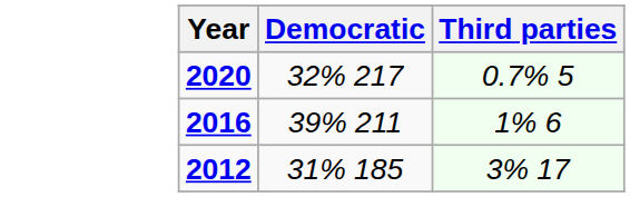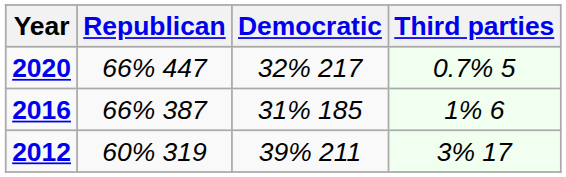 <table class="wikitable" style="float:right; font-size:95%;">
 <tr bgcolor=lightgrey>
 <th>Year</th>
+<th><a href='#'>Republican</a></th>
 <th><a href='#'>Democratic</a></th>
 <th><a href='#'>Third parties</a></th>
 </tr>
 <tr>
 <td style="text-align:center; "><strong><a href='#'>2020</a></strong></td>
+<td style="text-align:center; "><em>66%</em> <em>447</em></td>
 <td style="text-align:center; "><em>32%</em> <em>217</em></td>
 <td style="text-align:center; background:honeyDew;"><em>0.7%</em> <em>5</em></td>
 </tr>
 <tr>
 <td style="text-align:center; "><strong><a href='#'>2016</a></strong></td>
-<td style="text-align:center; "><em>39%</em> <em>211</em></td>
+<td style="text-align:center; "><em>66%</em> <em>387</em></td>
+<td style="text-align:center; "><em>31%</em> <em>185</em></td>
 <td style="text-align:center; background:honeyDew;"><em>1%</em> <em>6</em></td>
 </tr>
 <tr>
 <td style="text-align:center; "><strong><a href='#'>2012</a></strong></td>
-<td style="text-align:center; "><em>31%</em> <em>185</em></td>
+<td style="text-align:center; "><em>60%</em> <em>319</em></td>
+<td style="text-align:center; "><em>39%</em> <em>211</em></td>
 <td style="text-align:center; background:honeyDew;"><em>3%</em> <em>17</em></td>
 </tr>
 </table>
